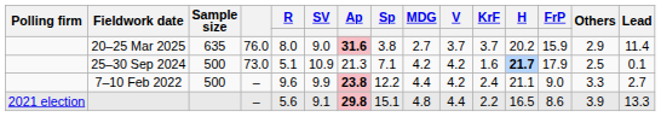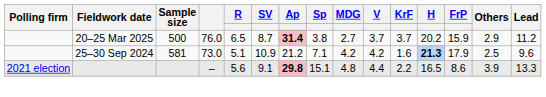 <table class="wikitable sortable mw-datatable" style="text-align:center;font-size:90%;line-height:14px;">
 <tr>
 <th rowspan="2">Polling firm</th>
 <th rowspan="2">Fieldwork date</th>
 <th rowspan="2">Sample<br>size</th>
 <th rowspan="2"></th>
 <th class="unsortable" style="width:30px;"><a href='#'>R</a></th>
 <th class="unsortable" style="width:30px;"><a href='#'>SV</a></th>
 <th class="unsortable" style="width:30px;"><a href='#'>Ap</a></th>
 <th class="unsortable" style="width:30px;"><a href='#'>Sp</a></th>
 <th class="unsortable" style="width:30px;"><a href='#'>MDG</a></th>
 <th class="unsortable" style="width:30px;"><a href='#'>V</a></th>
 <th class="unsortable" style="width:30px;"><a href='#'>KrF</a></th>
 <th class="unsortable" style="width:30px;"><a href='#'>H</a></th>
 <th class="unsortable" style="width:30px;"><a href='#'>FrP</a></th>
 <th rowspan="2" class="unsortable" style="width:30px;">Others</th>
 <th rowspan="2">Lead</th>
 </tr>
 <tr>
 <th style="background:"></th>
 <th style="background:"></th>
 <th style="background:"></th>
 <th style="background:"></th>
 <th style="background:"></th>
 <th style="background:"></th>
 <th style="background:"></th>
 <th style="background:"></th>
 <th style="background:"></th>
 </tr>
 <tr>
 <td></td>
 <td>20–25 Mar 2025</td>
-<td>635</td>
+<td>500</td>
 <td>76.0</td>
-<td>8.0</td>
-<td>9.0</td>
-<td style="background:#F7BDC5;"><strong>31.6</strong></td>
+<td>6.5</td>
+<td>8.7</td>
+<td style="background:#F7BDC5;"><strong>31.4</strong></td>
 <td>3.8</td>
 <td>2.7</td>
 <td>3.7</td>
 <td>3.7</td>
 <td>20.2</td>
 <td>15.9</td>
 <td>2.9</td>
-<td style="background:">11.4</td>
+<td style="background:">11.2</td>
 </tr>
 <tr>
 <td></td>
 <td>25–30 Sep 2024</td>
-<td>500</td>
+<td>581</td>
 <td>73.0</td>
 <td>5.1</td>
 <td>10.9</td>
-<td>21.3</td>
+<td>21.2</td>
 <td>7.1</td>
 <td>4.2</td>
 <td>4.2</td>
 <td>1.6</td>
-<td style="background:#B5D5FF;"><strong>21.7</strong></td>
+<td style="background:#B5D5FF;"><strong>21.3</strong></td>
 <td>17.9</td>
 <td>2.5</td>
-<td style="background:">0.1</td>
-</tr>
-<tr>
-<td></td>
-<td>7–10 Feb 2022</td>
-<td>500</td>
-<td>–</td>
-<td>9.6</td>
-<td>9.9</td>
-<td style="background:#F7BDC5;"><strong>23.8</strong></td>
-<td>12.2</td>
-<td>4.4</td>
-<td>4.2</td>
-<td>2.4</td>
-<td>21.1</td>
-<td>9.0</td>
-<td>3.3</td>
-<td style="background:">2.7</td>
+<td style="background:">9.6</td>
 </tr>
 <tr style="background:#E9E9E9;">
 <td><a href='#'>2021 election</a></td>
 <td></td>
 <td></td>
 <td>–</td>
 <td>5.6</td>
 <td>9.1</td>
 <td style="background:#F7BDC5;"><strong>29.8</strong></td>
 <td>15.1</td>
 <td>4.8</td>
 <td>4.4</td>
 <td>2.2</td>
 <td>16.5</td>
 <td>8.6</td>
 <td>3.9</td>
 <td style="background:">13.3</td>
 </tr>
 </table>
